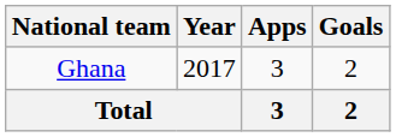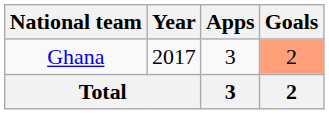 <table class="wikitable" style="text-align:center">
 <tr>
 <th>National team</th>
 <th>Year</th>
 <th>Apps</th>
 <th>Goals</th>
 </tr>
 <tr>
 <td><a href='#'>Ghana</a></td>
 <td>2017</td>
 <td>3</td>
-<td>2</td>
+<td style="background: lightsalmon;">2</td>
 </tr>
 <tr>
 <th colspan="2">Total</th>
 <th>3</th>
 <th>2</th>
 </tr>
 </table>
